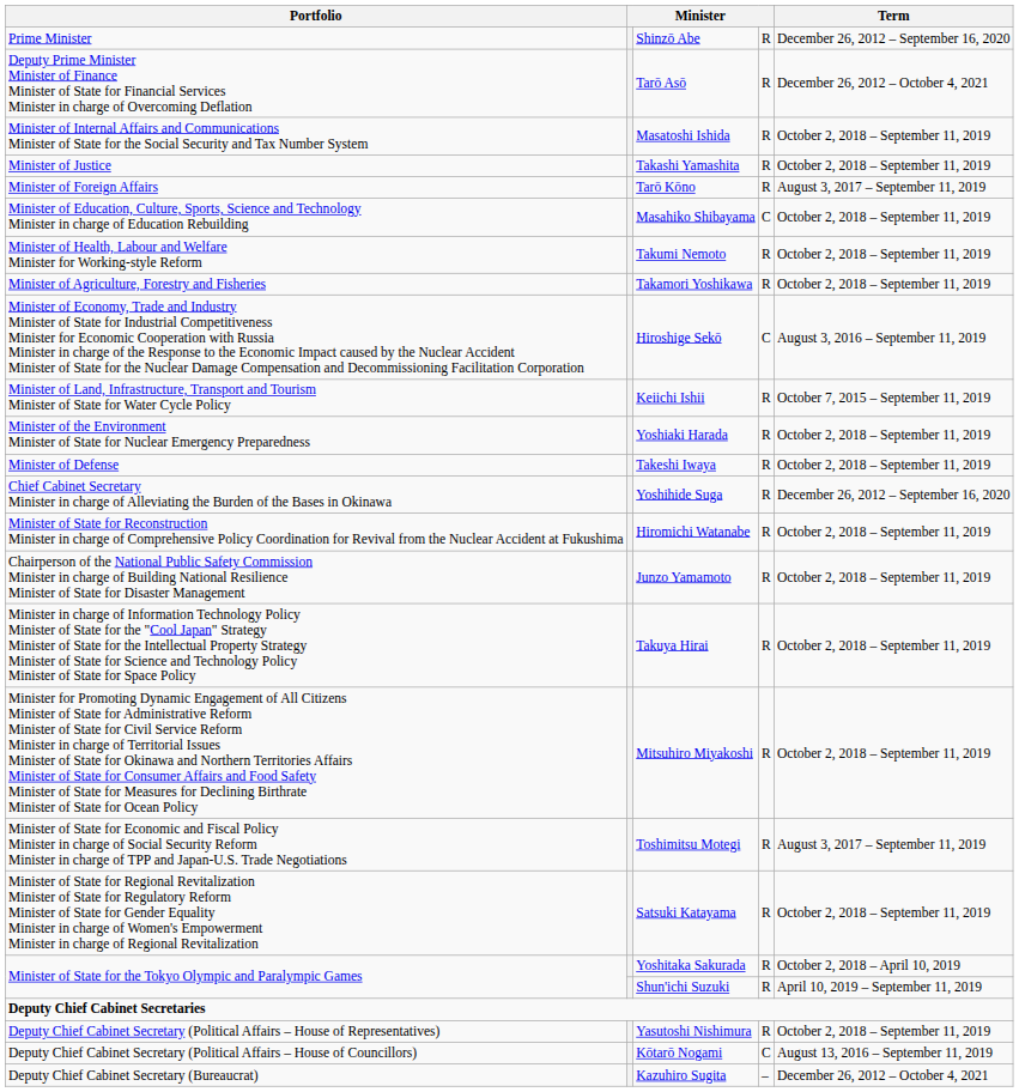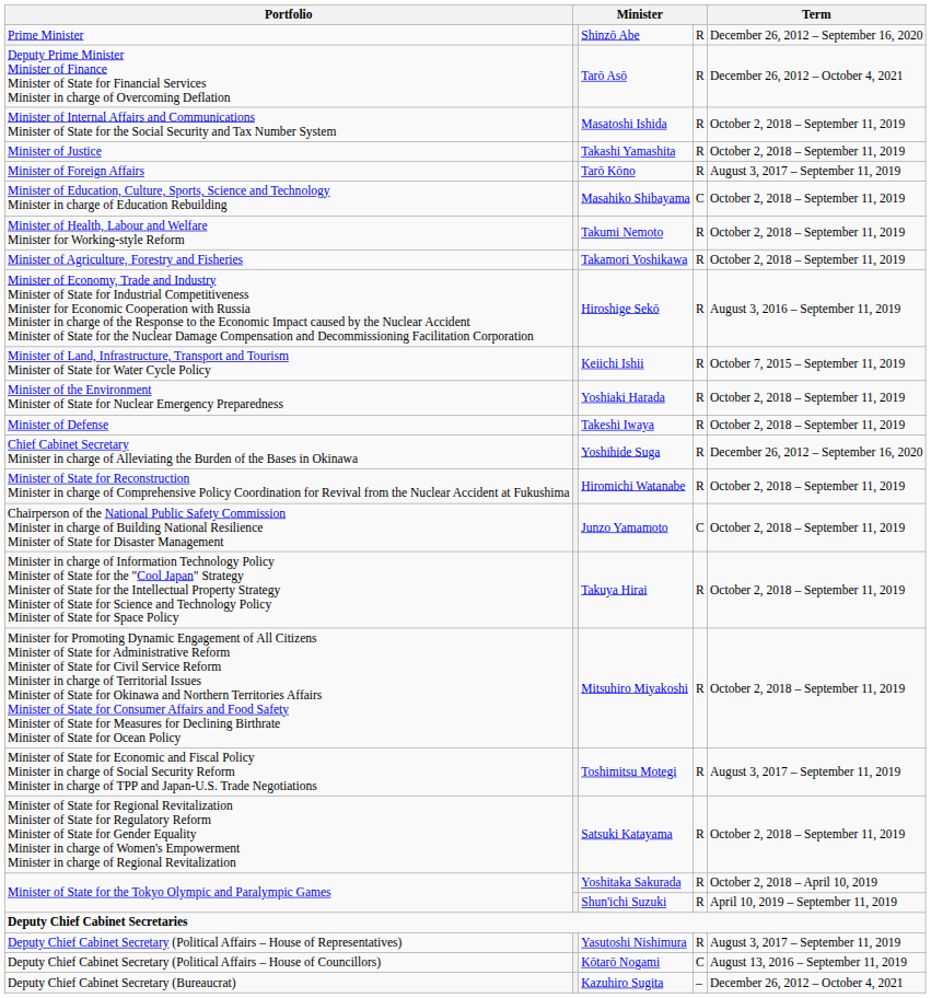 <table class="wikitable">
 <tr>
 <th>Portfolio</th>
 <th colspan=3>Minister</th>
 <th colspan=2>Term</th>
 </tr>
 <tr>
 <td><a href='#'>Prime Minister</a></td>
 <th style="color:inherit;background-color: "></th>
 <td><a href='#'>Shinzō Abe</a></td>
 <td>R</td>
 <td>December 26, 2012 – September 16, 2020</td>
 </tr>
 <tr>
 <td><a href='#'>Deputy Prime Minister</a> <br><a href='#'>Minister of Finance</a> <br>Minister of State for Financial Services <br>Minister in charge of Overcoming Deflation</td>
 <th style="color:inherit;background-color: "></th>
 <td><a href='#'>Tarō Asō</a></td>
 <td>R</td>
 <td>December 26, 2012 – October 4, 2021</td>
 </tr>
 <tr>
 <td><a href='#'>Minister of Internal Affairs and Communications</a><br>Minister of State for the Social Security and Tax Number System</td>
 <th style="color:inherit;background-color: "></th>
 <td><a href='#'>Masatoshi Ishida</a></td>
 <td>R</td>
 <td>October 2, 2018 – September 11, 2019</td>
 </tr>
 <tr>
 <td><a href='#'>Minister of Justice</a></td>
 <th style="color:inherit;background-color: "></th>
 <td><a href='#'>Takashi Yamashita</a></td>
 <td>R</td>
 <td>October 2, 2018 – September 11, 2019</td>
 </tr>
 <tr>
 <td><a href='#'>Minister of Foreign Affairs</a></td>
 <th style="color:inherit;background-color: "></th>
 <td><a href='#'>Tarō Kōno</a></td>
 <td>R</td>
 <td>August 3, 2017 – September 11, 2019</td>
 </tr>
 <tr>
 <td><a href='#'>Minister of Education, Culture, Sports, Science and Technology</a><br>Minister in charge of Education Rebuilding</td>
 <th style="color:inherit;background-color: "></th>
 <td><a href='#'>Masahiko Shibayama</a></td>
 <td>C</td>
 <td>October 2, 2018 – September 11, 2019</td>
 </tr>
 <tr>
 <td><a href='#'>Minister of Health, Labour and Welfare</a><br>Minister for Working-style Reform</td>
 <th style="color:inherit;background-color: "></th>
 <td><a href='#'>Takumi Nemoto</a></td>
 <td>R</td>
 <td>October 2, 2018 – September 11, 2019</td>
 </tr>
 <tr>
 <td><a href='#'>Minister of Agriculture, Forestry and Fisheries</a></td>
 <th style="color:inherit;background-color: "></th>
 <td><a href='#'>Takamori Yoshikawa</a></td>
 <td>R</td>
 <td>October 2, 2018 – September 11, 2019</td>
 </tr>
 <tr>
 <td><a href='#'>Minister of Economy, Trade and Industry</a><br>Minister of State for Industrial Competitiveness<br>Minister for Economic Cooperation with Russia<br>Minister in charge of the Response to the Economic Impact caused by the Nuclear Accident<br>Minister of State for the Nuclear Damage Compensation and Decommissioning Facilitation Corporation</td>
 <th style="color:inherit;background-color: "></th>
 <td><a href='#'>Hiroshige Sekō</a></td>
-<td>C</td>
+<td>R</td>
 <td>August 3, 2016 – September 11, 2019</td>
 </tr>
 <tr>
 <td><a href='#'>Minister of Land, Infrastructure, Transport and Tourism</a><br>Minister of State for Water Cycle Policy</td>
 <th style="color:inherit;background-color: "></th>
 <td><a href='#'>Keiichi Ishii</a></td>
 <td>R</td>
 <td>October 7, 2015 – September 11, 2019</td>
 </tr>
 <tr>
 <td><a href='#'>Minister of the Environment</a><br>Minister of State for Nuclear Emergency Preparedness</td>
 <th style="color:inherit;background-color: "></th>
 <td><a href='#'>Yoshiaki Harada</a></td>
 <td>R</td>
 <td>October 2, 2018 – September 11, 2019</td>
 </tr>
 <tr>
 <td><a href='#'>Minister of Defense</a></td>
 <th style="color:inherit;background-color: "></th>
 <td><a href='#'>Takeshi Iwaya</a></td>
 <td>R</td>
 <td>October 2, 2018 – September 11, 2019</td>
 </tr>
 <tr>
 <td><a href='#'>Chief Cabinet Secretary</a><br>Minister in charge of Alleviating the Burden of the Bases in Okinawa</td>
 <th style="color:inherit;background-color: "></th>
 <td><a href='#'>Yoshihide Suga</a></td>
 <td>R</td>
 <td>December 26, 2012 – September 16, 2020</td>
 </tr>
 <tr>
 <td><a href='#'>Minister of State for Reconstruction</a><br>Minister in charge of Comprehensive Policy Coordination for Revival from the Nuclear Accident at Fukushima</td>
 <th style="color:inherit;background-color: "></th>
 <td><a href='#'>Hiromichi Watanabe</a></td>
 <td>R</td>
 <td>October 2, 2018 – September 11, 2019</td>
 </tr>
 <tr>
 <td>Chairperson of the <a href='#'>National Public Safety Commission</a><br>Minister in charge of Building National Resilience<br>Minister of State for Disaster Management</td>
 <th style="color:inherit;background-color: "></th>
 <td><a href='#'>Junzo Yamamoto</a></td>
-<td>R</td>
+<td>C</td>
 <td>October 2, 2018 – September 11, 2019</td>
 </tr>
 <tr>
 <td>Minister in charge of Information Technology Policy<br>Minister of State for the "<a href='#'>Cool Japan</a>" Strategy<br>Minister of State for the Intellectual Property Strategy<br>Minister of State for Science and Technology Policy<br>Minister of State for Space Policy</td>
 <th style="color:inherit;background-color: "></th>
 <td><a href='#'>Takuya Hirai</a></td>
 <td>R</td>
 <td>October 2, 2018 – September 11, 2019</td>
 </tr>
 <tr>
 <td>Minister for Promoting Dynamic Engagement of All Citizens<br>Minister of State for Administrative Reform<br>Minister of State for Civil Service Reform<br>Minister in charge of Territorial Issues<br>Minister of State for Okinawa and Northern Territories Affairs<br><a href='#'>Minister of State for Consumer Affairs and Food Safety</a><br>Minister of State for Measures for Declining Birthrate<br>Minister of State for Ocean Policy</td>
 <th style="color:inherit;background-color: "></th>
 <td><a href='#'>Mitsuhiro Miyakoshi</a></td>
 <td>R</td>
 <td>October 2, 2018 – September 11, 2019</td>
 </tr>
 <tr>
 <td>Minister of State for Economic and Fiscal Policy<br>Minister in charge of Social Security Reform<br>Minister in charge of TPP and Japan-U.S. Trade Negotiations</td>
 <th style="color:inherit;background-color: "></th>
 <td><a href='#'>Toshimitsu Motegi</a></td>
 <td>R</td>
 <td>August 3, 2017 – September 11, 2019</td>
 </tr>
 <tr>
 <td>Minister of State for Regional Revitalization<br>Minister of State for Regulatory Reform<br>Minister of State for Gender Equality<br>Minister in charge of Women's Empowerment <br>Minister in charge of Regional Revitalization</td>
 <th style="color:inherit;background-color: "></th>
 <td><a href='#'>Satsuki Katayama</a></td>
 <td>R</td>
 <td>October 2, 2018 – September 11, 2019</td>
 </tr>
 <tr>
 <td rowspan="2"><a href='#'>Minister of State for the Tokyo Olympic and Paralympic Games</a></td>
 <th style="color:inherit;background-color: "></th>
 <td><a href='#'>Yoshitaka Sakurada</a></td>
 <td>R</td>
 <td>October 2, 2018 – April 10, 2019</td>
 </tr>
 <tr>
 <th style="color:inherit;background-color: "></th>
 <td><a href='#'>Shun'ichi Suzuki</a></td>
 <td>R</td>
 <td>April 10, 2019 – September 11, 2019</td>
 </tr>
 <tr>
 <td colspan=5><strong>Deputy Chief Cabinet Secretaries</strong></td>
 </tr>
 <tr>
 <td><a href='#'>Deputy Chief Cabinet Secretary</a> (Political Affairs – House of Representatives)</td>
 <th style="color:inherit;background-color: "></th>
 <td><a href='#'>Yasutoshi Nishimura</a></td>
 <td>R</td>
-<td>October 2, 2018 – September 11, 2019</td>
+<td>August 3, 2017 – September 11, 2019</td>
 </tr>
 <tr>
 <td>Deputy Chief Cabinet Secretary (Political Affairs – House of Councillors)</td>
 <th style="color:inherit;background-color: "></th>
 <td><a href='#'>Kōtarō Nogami</a></td>
 <td>C</td>
 <td>August 13, 2016 – September 11, 2019</td>
 </tr>
 <tr>
 <td>Deputy Chief Cabinet Secretary (Bureaucrat)</td>
 <th style="color:inherit;background-color: "></th>
 <td><a href='#'>Kazuhiro Sugita</a></td>
 <td>–</td>
 <td>December 26, 2012 – October 4, 2021</td>
 </tr>
 </table>
